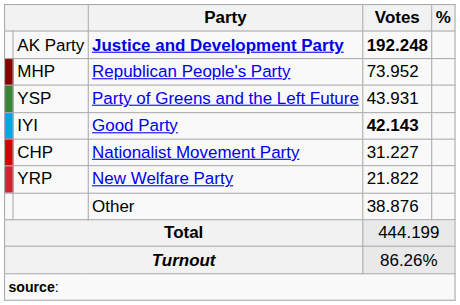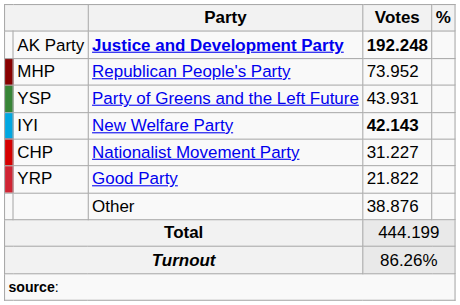 <table class="wikitable">
 <tr>
 <th colspan="2" align="center"></th>
 <th align="center">Party</th>
 <th align="center">Votes</th>
 <th align="center">%</th>
 </tr>
 <tr align="left">
 <td></td>
 <td>AK Party</td>
 <td><strong><a href='#'>Justice and Development Party</a></strong></td>
 <td><strong>192.248</strong></td>
 <td><strong></strong></td>
 </tr>
 <tr align="left">
 <td bgcolor="#870000" width="1"></td>
 <td>MHP</td>
 <td><a href='#'>Republican People's Party</a></td>
 <td>73.952</td>
 <td></td>
 </tr>
 <tr align="left">
 <td bgcolor="#388537" width="1"></td>
 <td>YSP</td>
 <td><a href='#'>Party of Greens and the Left Future</a></td>
 <td>43.931</td>
 <td></td>
 </tr>
 <tr align="left">
 <td bgcolor="#01A7E1" width="1"></td>
 <td>IYI</td>
-<td><a href='#'>Good Party</a></td>
+<td><a href='#'>New Welfare Party</a></td>
 <td><strong>42.143</strong></td>
 <td></td>
 </tr>
 <tr align="left">
 <td bgcolor="#d50000" width="1"></td>
 <td>CHP</td>
 <td><a href='#'>Nationalist Movement Party</a></td>
 <td>31.227</td>
 <td></td>
 </tr>
 <tr align="left">
 <td bgcolor="#D02433" width="1"></td>
 <td>YRP</td>
-<td><a href='#'>New Welfare Party</a></td>
+<td><a href='#'>Good Party</a></td>
 <td>21.822</td>
 <td></td>
 </tr>
 <tr align="left">
 <td bgcolor="" width="1"></td>
 <td></td>
 <td>Other</td>
 <td>38.876</td>
 <td></td>
 </tr>
 <tr align="left" style="background-color:#E9E9E9">
 <th colspan="3" align="center"><strong>Total</strong></th>
 <td colspan="5" align="center">444.199</td>
 </tr>
 <tr align="left" style="background-color:#E9E9E9">
 <th colspan="3" align="center"><em>Turnout</em></th>
 <td colspan="5" align="center">86.26%</td>
 </tr>
 <tr>
 <td colspan="9" align="left"><small><strong>source</strong>: </small></td>
 </tr>
 </table>
